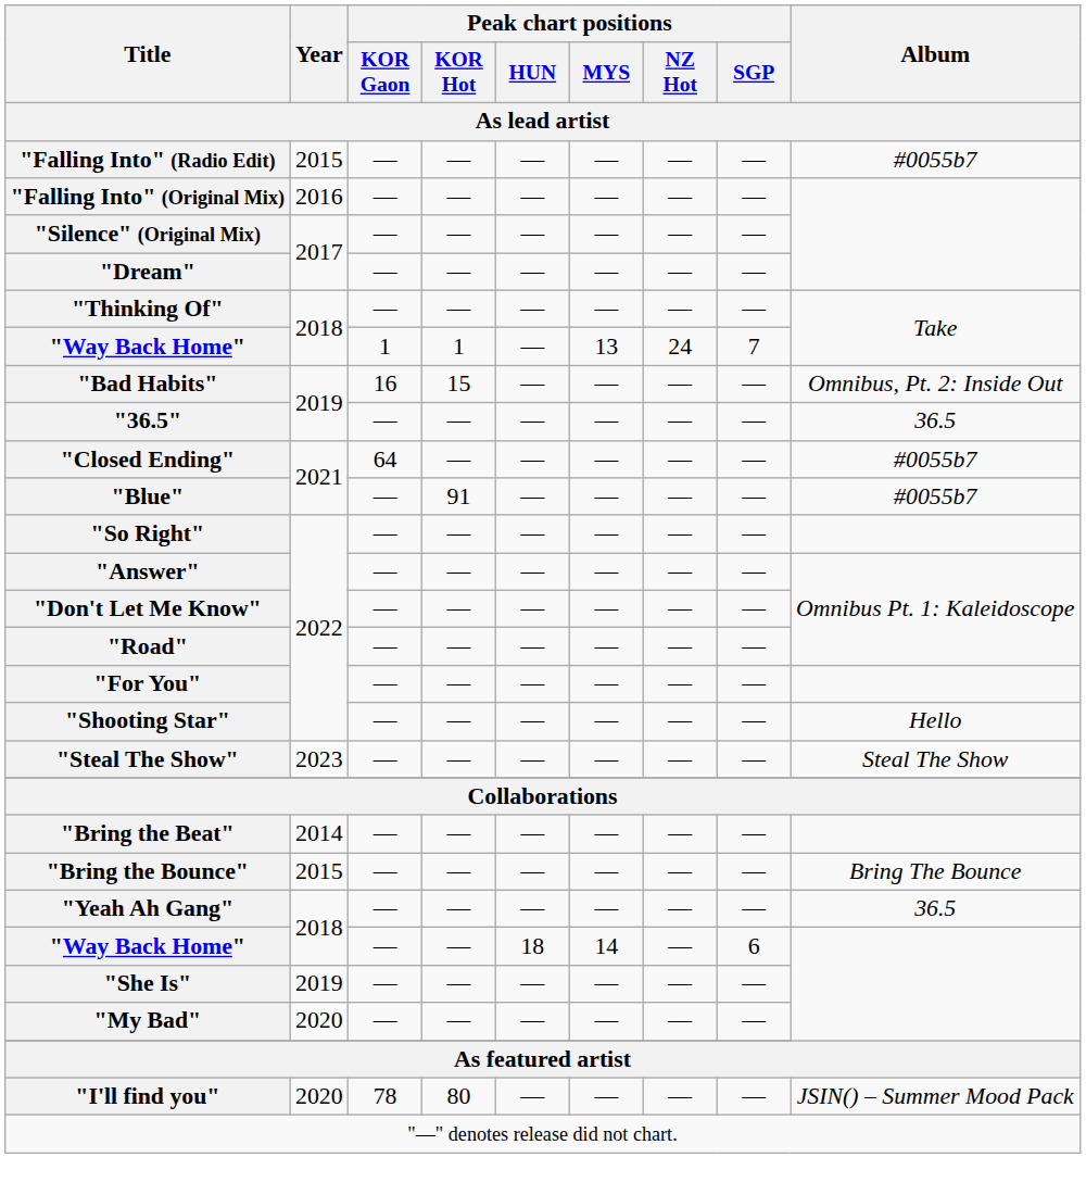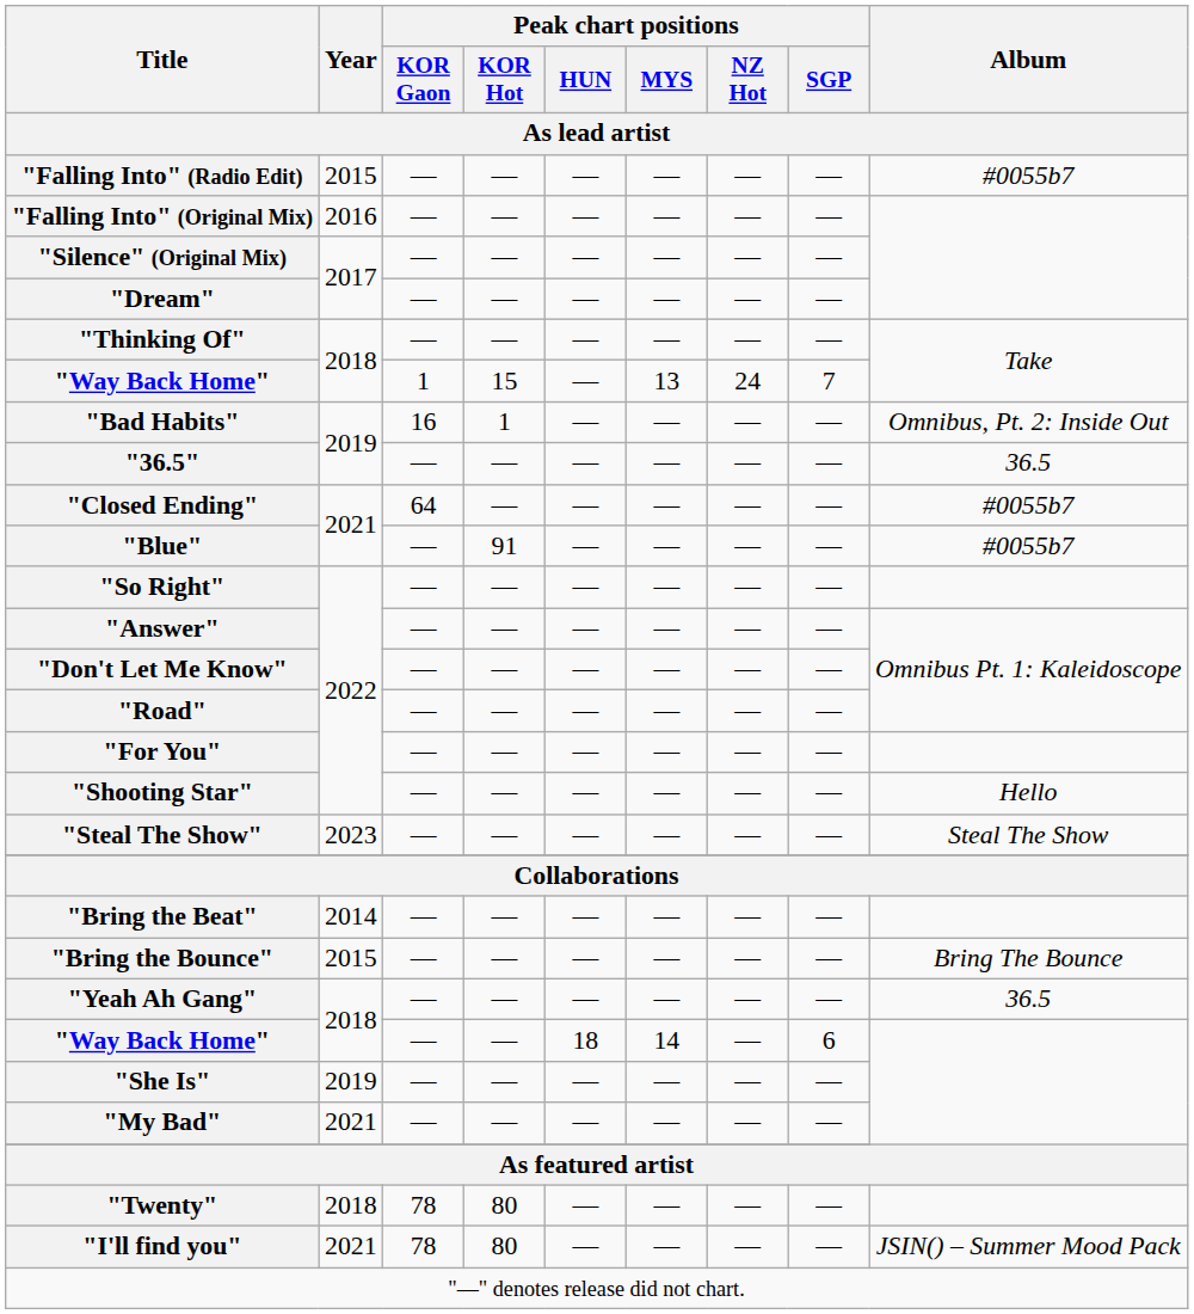 <table class="wikitable plainrowheaders" style="text-align:center;">
 <tr>
 <th rowspan="2" scope="col">Title</th>
 <th rowspan="2" scope="col">Year</th>
 <th colspan="6" scope="col">Peak chart positions</th>
 <th rowspan="2">Album</th>
 </tr>
 <tr>
 <th scope="col" style="width:3em;font-size:90%;"><a href='#'>KOR<br>Gaon</a><br></th>
 <th scope="col" style="width:3em;font-size:90%;"><a href='#'>KOR<br>Hot</a><br></th>
 <th scope="col" style="width:3em;font-size:90%;"><a href='#'>HUN</a><br></th>
 <th scope="col" style="width:3em;font-size:90%;"><a href='#'>MYS</a><br></th>
 <th scope="col" style="width:3em;font-size:90%;"><a href='#'>NZ<br>Hot</a><br></th>
 <th scope="col" style="width:3em;font-size:90%;"><a href='#'>SGP</a><br></th>
 </tr>
 <tr>
 <th colspan="9">As lead artist</th>
 </tr>
 <tr>
 <th scope="row">"Falling Into" <small>(Radio Edit)</small></th>
 <td>2015</td>
 <td>—</td>
 <td>—</td>
 <td>—</td>
 <td>—</td>
 <td>—</td>
 <td>—</td>
 <td><em>#0055b7</em></td>
 </tr>
 <tr>
 <th scope="row">"Falling Into" <small>(Original Mix)</small></th>
 <td>2016</td>
 <td>—</td>
 <td>—</td>
 <td>—</td>
 <td>—</td>
 <td>—</td>
 <td>—</td>
 </tr>
 <tr>
 <th scope="row">"Silence" <small>(Original Mix)</small></th>
 <td rowspan="2">2017</td>
 <td>—</td>
 <td>—</td>
 <td>—</td>
 <td>—</td>
 <td>—</td>
 <td>—</td>
 </tr>
 <tr>
 <th scope="row">"Dream"</th>
 <td>—</td>
 <td>—</td>
 <td>—</td>
 <td>—</td>
 <td>—</td>
 <td>—</td>
 </tr>
 <tr>
 <th scope="row">"Thinking Of" <br></th>
 <td rowspan="2">2018</td>
 <td>—</td>
 <td>—</td>
 <td>—</td>
 <td>—</td>
 <td>—</td>
 <td>—</td>
 <td rowspan="2"><em>Take</em></td>
 </tr>
 <tr>
 <th scope="row">"<a href='#'>Way Back Home</a>"</th>
 <td>1</td>
-<td>1</td>
+<td>15</td>
 <td>—</td>
 <td>13</td>
 <td>24</td>
 <td>7</td>
 </tr>
 <tr>
 <th scope="row">"Bad Habits" </th>
 <td rowspan="2">2019</td>
 <td>16</td>
-<td>15</td>
+<td>1</td>
 <td>—</td>
 <td>—</td>
 <td>—</td>
 <td>—</td>
 <td rowspan="1"><em>Omnibus, Pt. 2: Inside Out</em></td>
 </tr>
 <tr>
 <th scope="row">"36.5"</th>
 <td>—</td>
 <td>—</td>
 <td>—</td>
 <td>—</td>
 <td>—</td>
 <td>—</td>
 <td><em>36.5</em></td>
 </tr>
 <tr>
 <th scope="row">"Closed Ending" </th>
 <td rowspan="2">2021</td>
 <td>64</td>
 <td>—</td>
 <td>—</td>
 <td>—</td>
 <td>—</td>
 <td>—</td>
 <td><em>#0055b7</em></td>
 </tr>
 <tr>
 <th scope="row">"Blue" <br></th>
 <td>—</td>
 <td>91</td>
 <td>—</td>
 <td>—</td>
 <td>—</td>
 <td>—</td>
 <td><em>#0055b7</em></td>
 </tr>
 <tr>
 <th scope="row">"So Right" <br></th>
 <td rowspan="6">2022</td>
 <td>—</td>
 <td>—</td>
 <td>—</td>
 <td>—</td>
 <td>—</td>
 <td>—</td>
 <td></td>
 </tr>
 <tr>
 <th scope="row">"Answer"</th>
 <td>—</td>
 <td>—</td>
 <td>—</td>
 <td>—</td>
 <td>—</td>
 <td>—</td>
 <td rowspan="3"><em>Omnibus Pt. 1: Kaleidoscope</em></td>
 </tr>
 <tr>
 <th scope="row">"Don't Let Me Know"</th>
 <td>—</td>
 <td>—</td>
 <td>—</td>
 <td>—</td>
 <td>—</td>
 <td>—</td>
 </tr>
 <tr>
 <th scope="row">"Road"</th>
 <td>—</td>
 <td>—</td>
 <td>—</td>
 <td>—</td>
 <td>—</td>
 <td>—</td>
 </tr>
 <tr>
 <th scope="row">"For You"</th>
 <td>—</td>
 <td>—</td>
 <td>—</td>
 <td>—</td>
 <td>—</td>
 <td>—</td>
 <td></td>
 </tr>
 <tr>
 <th scope="row">"Shooting Star"</th>
 <td>—</td>
 <td>—</td>
 <td>—</td>
 <td>—</td>
 <td>—</td>
 <td>—</td>
 <td><em>Hello</em></td>
 </tr>
 <tr>
 <th scope="row">"Steal The Show"<br></th>
 <td>2023</td>
 <td>—</td>
 <td>—</td>
 <td>—</td>
 <td>—</td>
 <td>—</td>
 <td>—</td>
 <td rowspan="1"><em>Steal The Show</em></td>
 </tr>
 <tr>
 </tr>
 <tr>
 <th colspan="9">Collaborations</th>
 </tr>
 <tr>
 <th scope="row">"Bring the Beat" <br></th>
 <td>2014</td>
 <td>—</td>
 <td>—</td>
 <td>—</td>
 <td>—</td>
 <td>—</td>
 <td>—</td>
 <td></td>
 </tr>
 <tr>
 <th scope="row">"Bring the Bounce" <br></th>
 <td>2015</td>
 <td>—</td>
 <td>—</td>
 <td>—</td>
 <td>—</td>
 <td>—</td>
 <td>—</td>
 <td><em>Bring The Bounce</em></td>
 </tr>
 <tr>
 <th scope="row">"Yeah Ah Gang"<br></th>
 <td rowspan="2">2018</td>
 <td>—</td>
 <td>—</td>
 <td>—</td>
 <td>—</td>
 <td>—</td>
 <td>—</td>
 <td><em>36.5</em></td>
 </tr>
 <tr>
 <th scope="row">"<a href='#'>Way Back Home</a>" <br></th>
 <td>—</td>
 <td>—</td>
 <td>18</td>
 <td>14</td>
 <td>—</td>
 <td>6</td>
 </tr>
 <tr>
 <th scope="row">"She Is"<br></th>
 <td>2019</td>
 <td>—</td>
 <td>—</td>
 <td>—</td>
 <td>—</td>
 <td>—</td>
 <td>—</td>
 </tr>
 <tr>
 <th scope="row">"My Bad" <br></th>
-<td>2020</td>
+<td>2021</td>
 <td>—</td>
 <td>—</td>
 <td>—</td>
 <td>—</td>
 <td>—</td>
 <td>—</td>
 </tr>
 <tr>
 </tr>
 <tr>
 <th colspan="9">As featured artist</th>
 </tr>
 <tr>
+<th scope="row">"Twenty"<br></th>
+<td>2018</td>
+<td>78</td>
+<td>80</td>
+<td>—</td>
+<td>—</td>
+<td>—</td>
+<td>—</td>
+<td></td>
+</tr>
+<tr>
 <th scope="row">"I'll find you"<br></th>
-<td>2020</td>
+<td>2021</td>
 <td>78</td>
 <td>80</td>
 <td>—</td>
 <td>—</td>
 <td>—</td>
 <td>—</td>
 <td><em>JSIN() – Summer Mood Pack</em></td>
 </tr>
 <tr>
 <td colspan="9"><small>"—" denotes release did not chart.</small></td>
 </tr>
 </table>
